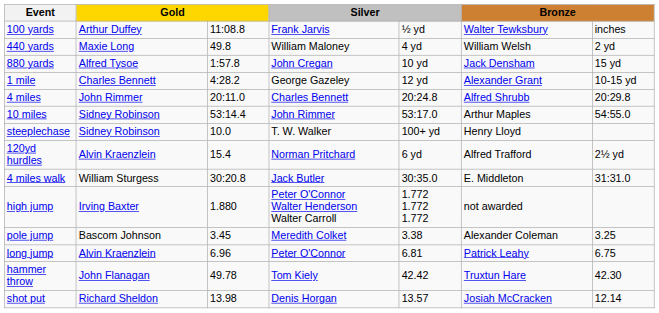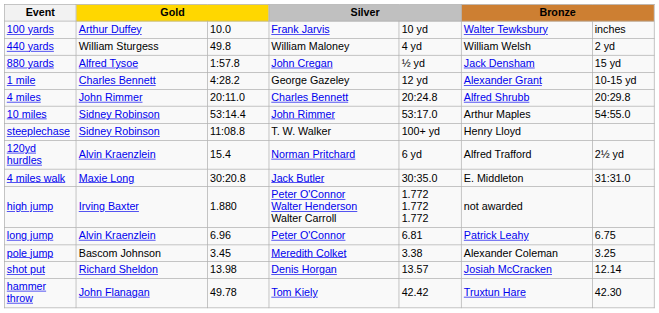 <table class="wikitable" style="text-align:left">
 <tr>
 <th width=100>Event</th>
 <th colspan="2" width="280" style="background:gold;">Gold</th>
 <th colspan="2" width="280" style="background:silver;">Silver</th>
 <th colspan="2" width="280" style="background:#CD7F32;">Bronze</th>
 </tr>
 <tr>
 <td><a href='#'>100 yards</a></td>
 <td> <a href='#'>Arthur Duffey</a></td>
-<td>11:08.8</td>
+<td>10.0</td>
 <td> <a href='#'>Frank Jarvis</a></td>
-<td>½ yd</td>
+<td>10 yd</td>
 <td> <a href='#'>Walter Tewksbury</a></td>
 <td>inches</td>
 </tr>
 <tr>
 <td><a href='#'>440 yards</a></td>
-<td> <a href='#'>Maxie Long</a></td>
+<td>William Sturgess</td>
 <td>49.8</td>
 <td> William Maloney</td>
 <td>4 yd</td>
 <td> William Welsh</td>
 <td>2 yd</td>
 </tr>
 <tr>
 <td><a href='#'>880 yards</a></td>
 <td><a href='#'>Alfred Tysoe</a></td>
 <td>1:57.8</td>
 <td> <a href='#'>John Cregan</a></td>
-<td>10 yd</td>
+<td>½ yd</td>
 <td><a href='#'>Jack Densham</a></td>
 <td>15 yd</td>
 </tr>
 <tr>
 <td><a href='#'>1 mile</a></td>
 <td><a href='#'>Charles Bennett</a></td>
 <td>4:28.2</td>
 <td>George Gazeley</td>
 <td>12 yd</td>
 <td> <a href='#'>Alexander Grant</a></td>
 <td>10-15 yd</td>
 </tr>
 <tr>
 <td><a href='#'>4 miles</a></td>
 <td><a href='#'>John Rimmer</a></td>
 <td>20:11.0</td>
 <td><a href='#'>Charles Bennett</a></td>
 <td>20:24.8</td>
 <td><a href='#'>Alfred Shrubb</a></td>
 <td>20:29.8</td>
 </tr>
 <tr>
 <td><a href='#'>10 miles</a></td>
 <td><a href='#'>Sidney Robinson</a></td>
 <td>53:14.4</td>
 <td><a href='#'>John Rimmer</a></td>
 <td>53:17.0</td>
 <td>Arthur Maples</td>
 <td>54:55.0</td>
 </tr>
 <tr>
 <td><a href='#'>steeplechase</a></td>
 <td><a href='#'>Sidney Robinson</a></td>
-<td>10.0</td>
+<td>11:08.8</td>
 <td>T. W. Walker</td>
 <td>100+ yd</td>
 <td>Henry Lloyd</td>
 <td></td>
 </tr>
 <tr>
 <td><a href='#'>120yd hurdles</a></td>
 <td> <a href='#'>Alvin Kraenzlein</a></td>
 <td>15.4</td>
 <td> <a href='#'>Norman Pritchard</a></td>
 <td>6 yd</td>
 <td>Alfred Trafford</td>
 <td>2½ yd</td>
 </tr>
 <tr>
 <td><a href='#'>4 miles walk</a></td>
-<td>William Sturgess</td>
+<td> <a href='#'>Maxie Long</a></td>
 <td>30:20.8</td>
 <td><a href='#'>Jack Butler</a></td>
 <td>30:35.0</td>
 <td>E. Middleton</td>
 <td>31:31.0</td>
 </tr>
 <tr>
 <td><a href='#'>high jump</a></td>
 <td> <a href='#'>Irving Baxter</a></td>
 <td>1.880</td>
 <td> <a href='#'>Peter O'Connor</a><br><a href='#'>Walter Henderson</a><br>  Walter Carroll</td>
 <td>1.772<br>1.772<br>1.772</td>
 <td>not awarded</td>
 <td></td>
 </tr>
 <tr>
+<td><a href='#'>long jump</a></td>
+<td> <a href='#'>Alvin Kraenzlein</a></td>
+<td>6.96</td>
+<td> <a href='#'>Peter O'Connor</a></td>
+<td>6.81</td>
+<td> <a href='#'>Patrick Leahy</a></td>
+<td>6.75</td>
+</tr>
+<tr>
 <td><a href='#'>pole jump</a></td>
 <td> Bascom Johnson</td>
 <td>3.45</td>
 <td> <a href='#'>Meredith Colket</a></td>
 <td>3.38</td>
 <td> Alexander Coleman</td>
 <td>3.25</td>
 </tr>
 <tr>
-<td><a href='#'>long jump</a></td>
-<td> <a href='#'>Alvin Kraenzlein</a></td>
-<td>6.96</td>
-<td> <a href='#'>Peter O'Connor</a></td>
-<td>6.81</td>
-<td> <a href='#'>Patrick Leahy</a></td>
-<td>6.75</td>
+<td><a href='#'>shot put</a></td>
+<td> <a href='#'>Richard Sheldon</a></td>
+<td>13.98</td>
+<td> <a href='#'>Denis Horgan</a></td>
+<td>13.57</td>
+<td> <a href='#'>Josiah McCracken</a></td>
+<td>12.14</td>
 </tr>
 <tr>
 <td><a href='#'>hammer throw</a></td>
 <td> <a href='#'>John Flanagan</a></td>
 <td>49.78</td>
 <td> <a href='#'>Tom Kiely</a></td>
 <td>42.42</td>
 <td> <a href='#'>Truxtun Hare</a></td>
 <td>42.30</td>
 </tr>
-<tr>
-<td><a href='#'>shot put</a></td>
-<td> <a href='#'>Richard Sheldon</a></td>
-<td>13.98</td>
-<td> <a href='#'>Denis Horgan</a></td>
-<td>13.57</td>
-<td> <a href='#'>Josiah McCracken</a></td>
-<td>12.14</td>
-</tr>
 </table>
